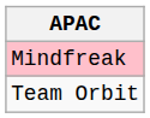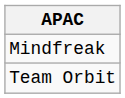 <table class="wikitable" style="display: inline-table; margin-left: 25px;">
 <tr>
 <th>APAC</th>
 </tr>
 <tr>
-<td style="background: pink;">Mindfreak</td>
+<td>Mindfreak</td>
 </tr>
 <tr>
 <td>Team Orbit</td>
 </tr>
 </table>
